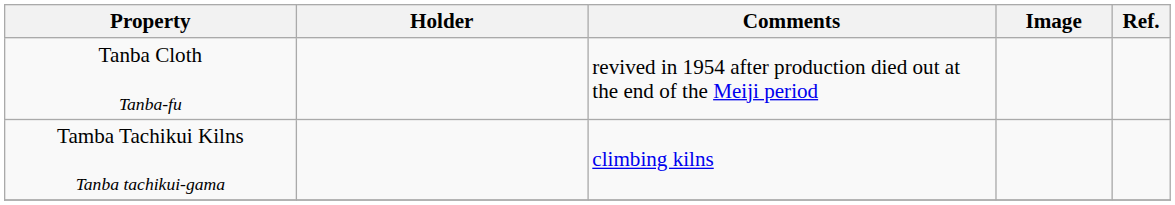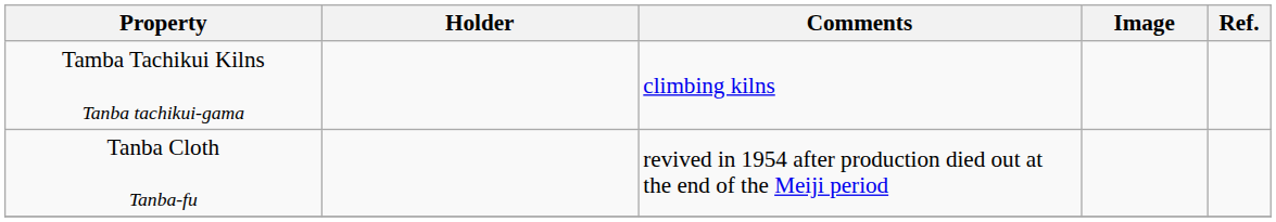 <table class="wikitable sortable"  style="width:100%;">
 <tr>
 <th width="25%" align="left">Property</th>
 <th width="25%" align="left">Holder</th>
 <th width="35%" align="left" class="unsortable">Comments</th>
 <th width="10%" align="left" class="unsortable">Image</th>
 <th width="5%" align="left" class="unsortable">Ref.</th>
 </tr>
 <tr>
+<td align="center">Tamba Tachikui Kilns<br><br><small><em>Tanba tachikui-gama</em></small></td>
+<td></td>
+<td><a href='#'>climbing kilns</a></td>
+<td></td>
+<td></td>
+</tr>
+<tr>
 <td align="center">Tanba Cloth<br><br><small><em>Tanba-fu</em></small></td>
 <td></td>
 <td>revived in 1954 after production died out at the end of the <a href='#'>Meiji period</a></td>
 <td></td>
 <td></td>
 </tr>
 <tr>
-<td align="center">Tamba Tachikui Kilns<br><br><small><em>Tanba tachikui-gama</em></small></td>
-<td></td>
-<td><a href='#'>climbing kilns</a></td>
-<td></td>
-<td></td>
-</tr>
-<tr>
 </tr>
 </table>
